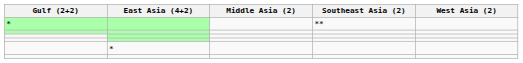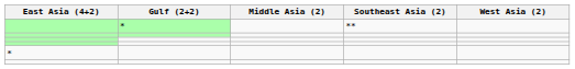 <table class=wikitable style="font-size:90%;">
 <tr>
+<th width=150>East Asia (4+2)</th>
 <th width=150>Gulf (2+2)</th>
-<th width=150>East Asia (4+2)</th>
 <th width=150>Middle Asia (2)</th>
 <th width=150>Southeast Asia (2)</th>
 <th width=150>West Asia (2)</th>
 </tr>
 <tr>
+<td bgcolor="#aaffaa"></td>
 <td bgcolor="#aaffaa"><s></s> *</td>
-<td bgcolor="#aaffaa"></td>
 <td></td>
 <td><s></s> **</td>
 <td></td>
 </tr>
 <tr>
 <td bgcolor="#aaffaa"></td>
 <td bgcolor="#aaffaa"></td>
 <td></td>
 <td></td>
 <td></td>
 </tr>
 <tr>
+<td bgcolor="#aaffaa"></td>
 <td></td>
-<td bgcolor="#aaffaa"></td>
 <td></td>
 <td></td>
 <td></td>
 </tr>
 <tr>
+<td bgcolor="#aaffaa"></td>
 <td></td>
-<td bgcolor="#aaffaa"></td>
 <td></td>
 <td></td>
 <td></td>
 </tr>
 <tr>
+<td><s></s> *</td>
 <td></td>
-<td><s></s> *</td>
 <td></td>
 <td></td>
 <td></td>
 </tr>
 <tr>
 <td></td>
 <td></td>
 <td></td>
 <td></td>
 <td></td>
 </tr>
 </table>
